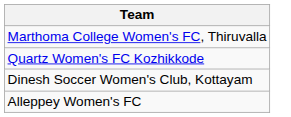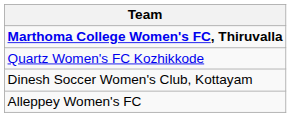 <table class="wikitable" style="text-align:center;">
 <tr>
 <th>Team</th>
 </tr>
 <tr>
-<td style="text-align:left;"><a href='#'>Marthoma College Women's FC</a>, Thiruvalla</td>
+<td style="text-align:left;"><strong><a href='#'>Marthoma College Women's FC</a>, Thiruvalla</strong></td>
 </tr>
 <tr>
 <td style="text-align:left;"><a href='#'>Quartz Women's FC Kozhikkode</a></td>
 </tr>
 <tr>
 <td style="text-align:left;">Dinesh Soccer Women's Club, Kottayam</td>
 </tr>
 <tr>
 <td style="text-align:left;">Alleppey Women's FC</td>
 </tr>
 </table>
